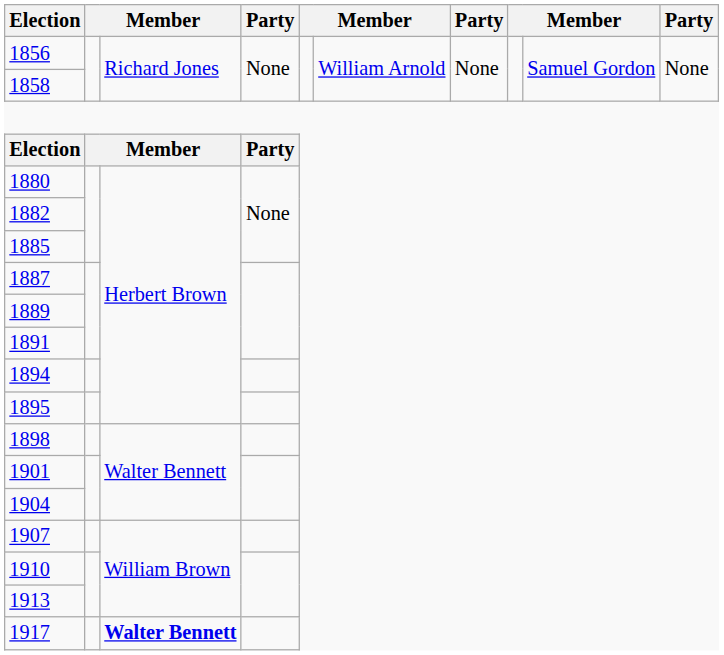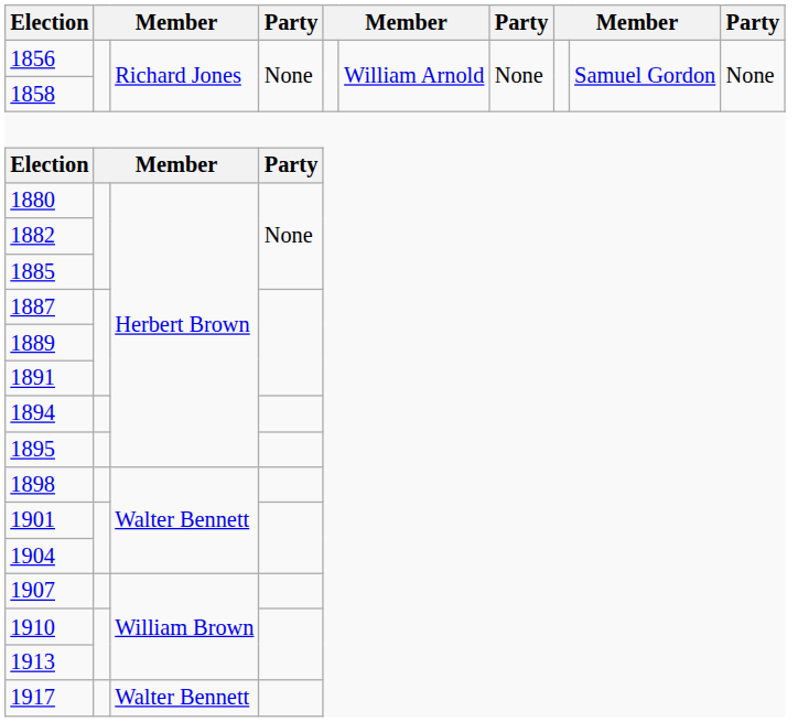 <table class="wikitable" style='border-style: none none none none;'>
 <tr>
 <th>Election</th>
 <th colspan="2">Member</th>
 <th>Party</th>
 <th colspan="2">Member</th>
 <th>Party</th>
 <th colspan="2">Member</th>
 <th>Party</th>
 </tr>
 <tr style="background: #f9f9f9">
 <td><a href='#'>1856</a></td>
 <td rowspan="2" > </td>
 <td rowspan="2"><a href='#'>Richard Jones</a></td>
 <td rowspan="2">None</td>
 <td rowspan="2" > </td>
 <td rowspan="2"><a href='#'>William Arnold</a></td>
 <td rowspan="2">None</td>
 <td rowspan="2" > </td>
 <td rowspan="2"><a href='#'>Samuel Gordon</a></td>
 <td rowspan="2">None</td>
 </tr>
 <tr style="background: #f9f9f9">
 <td><a href='#'>1858</a></td>
 </tr>
 <tr>
 <td colspan="4" style='border-style: none none none none;'> </td>
 </tr>
 <tr>
 <th>Election</th>
 <th colspan="2">Member</th>
 <th>Party</th>
 </tr>
 <tr style="background: #f9f9f9">
 <td><a href='#'>1880</a></td>
 <td rowspan="3" > </td>
 <td rowspan="8"><a href='#'>Herbert Brown</a></td>
 <td rowspan="3">None</td>
 </tr>
 <tr style="background: #f9f9f9">
 <td><a href='#'>1882</a></td>
 </tr>
 <tr style="background: #f9f9f9">
 <td><a href='#'>1885</a></td>
 </tr>
 <tr style="background: #f9f9f9">
 <td><a href='#'>1887</a></td>
 <td rowspan="3" > </td>
 <td rowspan="3"></td>
 </tr>
 <tr style="background: #f9f9f9">
 <td><a href='#'>1889</a></td>
 </tr>
 <tr style="background: #f9f9f9">
 <td><a href='#'>1891</a></td>
 </tr>
 <tr style="background: #f9f9f9">
 <td><a href='#'>1894</a></td>
 <td> </td>
 <td></td>
 </tr>
 <tr style="background: #f9f9f9">
 <td><a href='#'>1895</a></td>
 <td> </td>
 <td></td>
 </tr>
 <tr style="background: #f9f9f9">
 <td><a href='#'>1898</a></td>
 <td> </td>
 <td rowspan="3"><a href='#'>Walter Bennett</a></td>
 <td></td>
 </tr>
 <tr style="background: #f9f9f9">
 <td><a href='#'>1901</a></td>
 <td rowspan="2" > </td>
 <td rowspan="2"></td>
 </tr>
 <tr style="background: #f9f9f9">
 <td><a href='#'>1904</a></td>
 </tr>
 <tr style="background: #f9f9f9">
 <td><a href='#'>1907</a></td>
 <td> </td>
 <td rowspan="3"><a href='#'>William Brown</a></td>
 <td></td>
 </tr>
 <tr style="background: #f9f9f9">
 <td><a href='#'>1910</a></td>
 <td rowspan="2" > </td>
 <td rowspan="2"></td>
 </tr>
 <tr style="background: #f9f9f9">
 <td><a href='#'>1913</a></td>
 </tr>
 <tr style="background: #f9f9f9">
 <td><a href='#'>1917</a></td>
 <td> </td>
-<td><strong><a href='#'>Walter Bennett</a></strong></td>
+<td><a href='#'>Walter Bennett</a></td>
 <td></td>
 </tr>
 </table>
